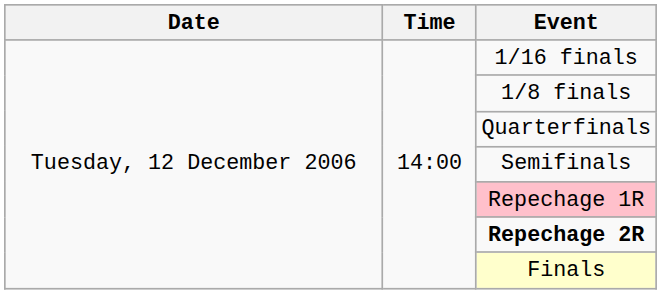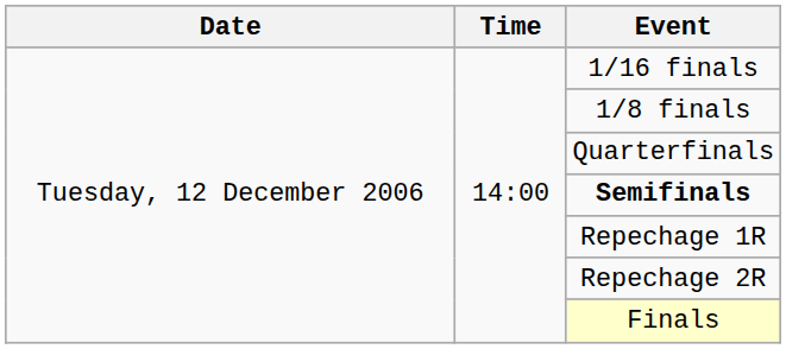 <table class = "wikitable" style="text-align:center;">
 <tr>
 <th width=220>Date</th>
 <th width=50>Time</th>
 <th width=100>Event</th>
 </tr>
 <tr>
 <td rowspan=7>Tuesday, 12 December 2006</td>
 <td rowspan=7>14:00</td>
 <td>1/16 finals</td>
 </tr>
 <tr>
 <td>1/8 finals</td>
 </tr>
 <tr>
 <td>Quarterfinals</td>
 </tr>
 <tr>
-<td>Semifinals</td>
+<td><strong>Semifinals</strong></td>
 </tr>
 <tr>
-<td style="background: pink;">Repechage 1R</td>
+<td>Repechage 1R</td>
 </tr>
 <tr>
-<td><strong>Repechage 2R</strong></td>
+<td>Repechage 2R</td>
 </tr>
 <tr>
 <td bgcolor=ffffcc>Finals</td>
 </tr>
 </table>
